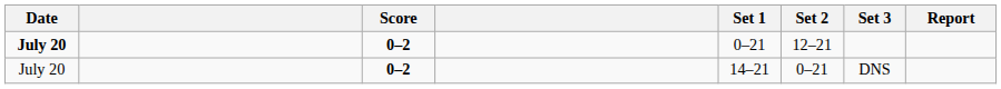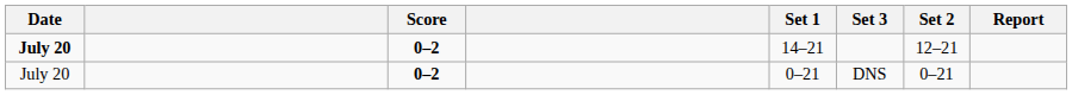 <table class="wikitable" style="text-align: center; font-size:90% ">
 <tr>
 <th width="60">Date</th>
 <th align="right" width="250"></th>
 <th width="60">Score</th>
 <th align="left" width="250"></th>
 <th width="50">Set 1</th>
+<th width="50">Set 3</th>
 <th width="50">Set 2</th>
-<th width="50">Set 3</th>
 <th width="75">Report</th>
 </tr>
 <tr>
 <td><strong>July 20</strong></td>
 <td align=left></td>
 <td align=center><strong>0–2</strong></td>
 <td align=left><strong></strong></td>
-<td>0–21</td>
+<td>14–21</td>
+<td></td>
 <td>12–21</td>
-<td></td>
 <td></td>
 </tr>
 <tr>
 <td>July 20</td>
 <td align=left></td>
 <td align=center><strong>0–2</strong></td>
 <td align=left><strong></strong></td>
-<td>14–21</td>
 <td>0–21</td>
 <td>DNS</td>
+<td>0–21</td>
 <td></td>
 </tr>
 </table>
